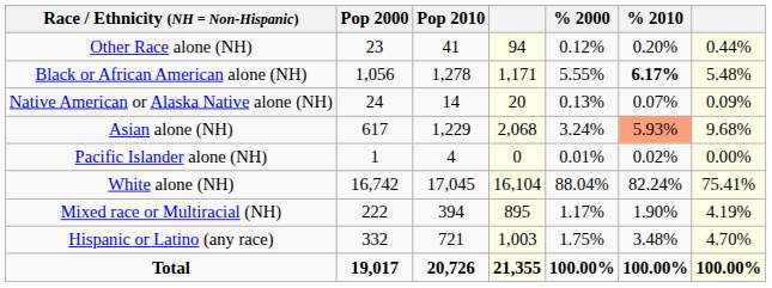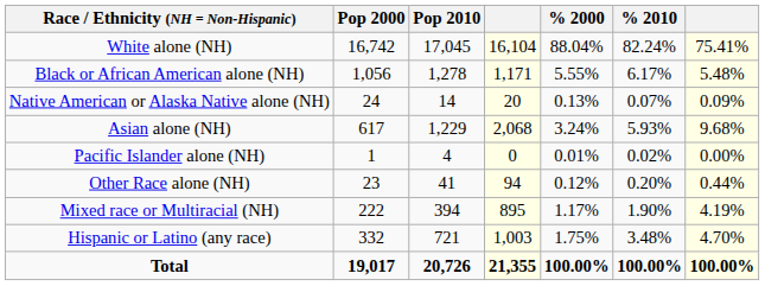 <table class="wikitable" style="text-align:center;">
 <tr>
 <th>Race / Ethnicity <small>(<em>NH = Non-Hispanic</em>)</small></th>
 <th>Pop 2000</th>
 <th>Pop 2010</th>
 <th></th>
 <th>% 2000</th>
 <th>% 2010</th>
 <th></th>
 </tr>
 <tr>
-<td><a href='#'>Other Race</a> alone (NH)</td>
-<td>23</td>
-<td>41</td>
-<td style='background: #ffffe6;'>94</td>
-<td>0.12%</td>
-<td>0.20%</td>
-<td style='background: #ffffe6;'>0.44%</td>
+<td><a href='#'>White</a> alone (NH)</td>
+<td>16,742</td>
+<td>17,045</td>
+<td style='background: #ffffe6;'>16,104</td>
+<td>88.04%</td>
+<td>82.24%</td>
+<td style='background: #ffffe6;'>75.41%</td>
 </tr>
 <tr>
 <td><a href='#'>Black or African American</a> alone (NH)</td>
 <td>1,056</td>
 <td>1,278</td>
 <td style='background: #ffffe6;'>1,171</td>
 <td>5.55%</td>
-<td><strong>6.17%</strong></td>
+<td>6.17%</td>
 <td style='background: #ffffe6;'>5.48%</td>
 </tr>
 <tr>
 <td><a href='#'>Native American</a> or <a href='#'>Alaska Native</a> alone (NH)</td>
 <td>24</td>
 <td>14</td>
 <td style='background: #ffffe6;'>20</td>
 <td>0.13%</td>
 <td>0.07%</td>
 <td style='background: #ffffe6;'>0.09%</td>
 </tr>
 <tr>
 <td><a href='#'>Asian</a> alone (NH)</td>
 <td>617</td>
 <td>1,229</td>
 <td style='background: #ffffe6;'>2,068</td>
 <td>3.24%</td>
-<td style="background: lightsalmon;">5.93%</td>
+<td>5.93%</td>
 <td style='background: #ffffe6;'>9.68%</td>
 </tr>
 <tr>
 <td><a href='#'>Pacific Islander</a> alone (NH)</td>
 <td>1</td>
 <td>4</td>
 <td style='background: #ffffe6;'>0</td>
 <td>0.01%</td>
 <td>0.02%</td>
 <td style='background: #ffffe6;'>0.00%</td>
 </tr>
 <tr>
-<td><a href='#'>White</a> alone (NH)</td>
-<td>16,742</td>
-<td>17,045</td>
-<td style='background: #ffffe6;'>16,104</td>
-<td>88.04%</td>
-<td>82.24%</td>
-<td style='background: #ffffe6;'>75.41%</td>
+<td><a href='#'>Other Race</a> alone (NH)</td>
+<td>23</td>
+<td>41</td>
+<td style='background: #ffffe6;'>94</td>
+<td>0.12%</td>
+<td>0.20%</td>
+<td style='background: #ffffe6;'>0.44%</td>
 </tr>
 <tr>
 <td><a href='#'>Mixed race or Multiracial</a> (NH)</td>
 <td>222</td>
 <td>394</td>
 <td style='background: #ffffe6;'>895</td>
 <td>1.17%</td>
 <td>1.90%</td>
 <td style='background: #ffffe6;'>4.19%</td>
 </tr>
 <tr>
 <td><a href='#'>Hispanic or Latino</a> (any race)</td>
 <td>332</td>
 <td>721</td>
 <td style='background: #ffffe6;'>1,003</td>
 <td>1.75%</td>
 <td>3.48%</td>
 <td style='background: #ffffe6;'>4.70%</td>
 </tr>
 <tr>
 <td><strong>Total</strong></td>
 <td><strong>19,017</strong></td>
 <td><strong>20,726</strong></td>
 <td style='background: #ffffe6;'><strong>21,355</strong></td>
 <td><strong>100.00%</strong></td>
 <td><strong>100.00%</strong></td>
 <td style='background: #ffffe6;'><strong>100.00%</strong></td>
 </tr>
 </table>
